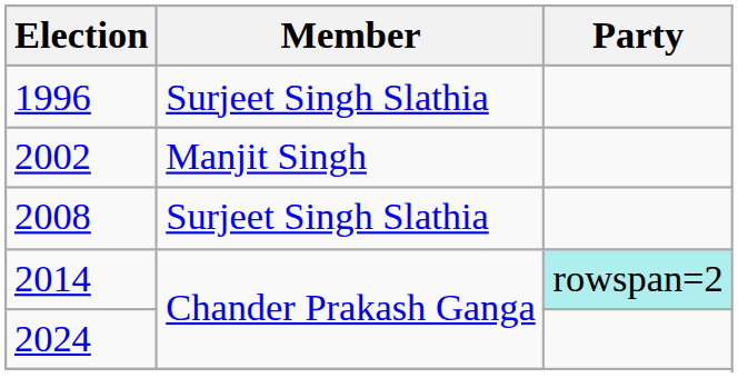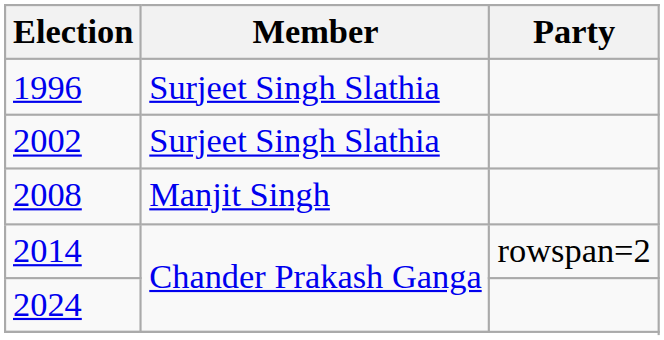 <table class="wikitable sortable">
 <tr>
 <th>Election</th>
 <th>Member</th>
 <th colspan=2>Party</th>
 </tr>
 <tr>
 <td><a href='#'>1996</a></td>
 <td><a href='#'>Surjeet Singh Slathia</a></td>
 <td></td>
 </tr>
 <tr>
 <td><a href='#'>2002</a></td>
-<td><a href='#'>Manjit Singh</a></td>
+<td><a href='#'>Surjeet Singh Slathia</a></td>
 <td></td>
 </tr>
 <tr>
 <td><a href='#'>2008</a></td>
-<td><a href='#'>Surjeet Singh Slathia</a></td>
+<td><a href='#'>Manjit Singh</a></td>
 <td></td>
 </tr>
 <tr>
 <td><a href='#'>2014</a></td>
 <td rowspan=2><a href='#'>Chander Prakash Ganga</a></td>
-<td style="background: paleturquoise;">rowspan=2 </td>
+<td>rowspan=2 </td>
 </tr>
 <tr>
 <td><a href='#'>2024</a></td>
 </tr>
 <tr>
 </tr>
 </table>
